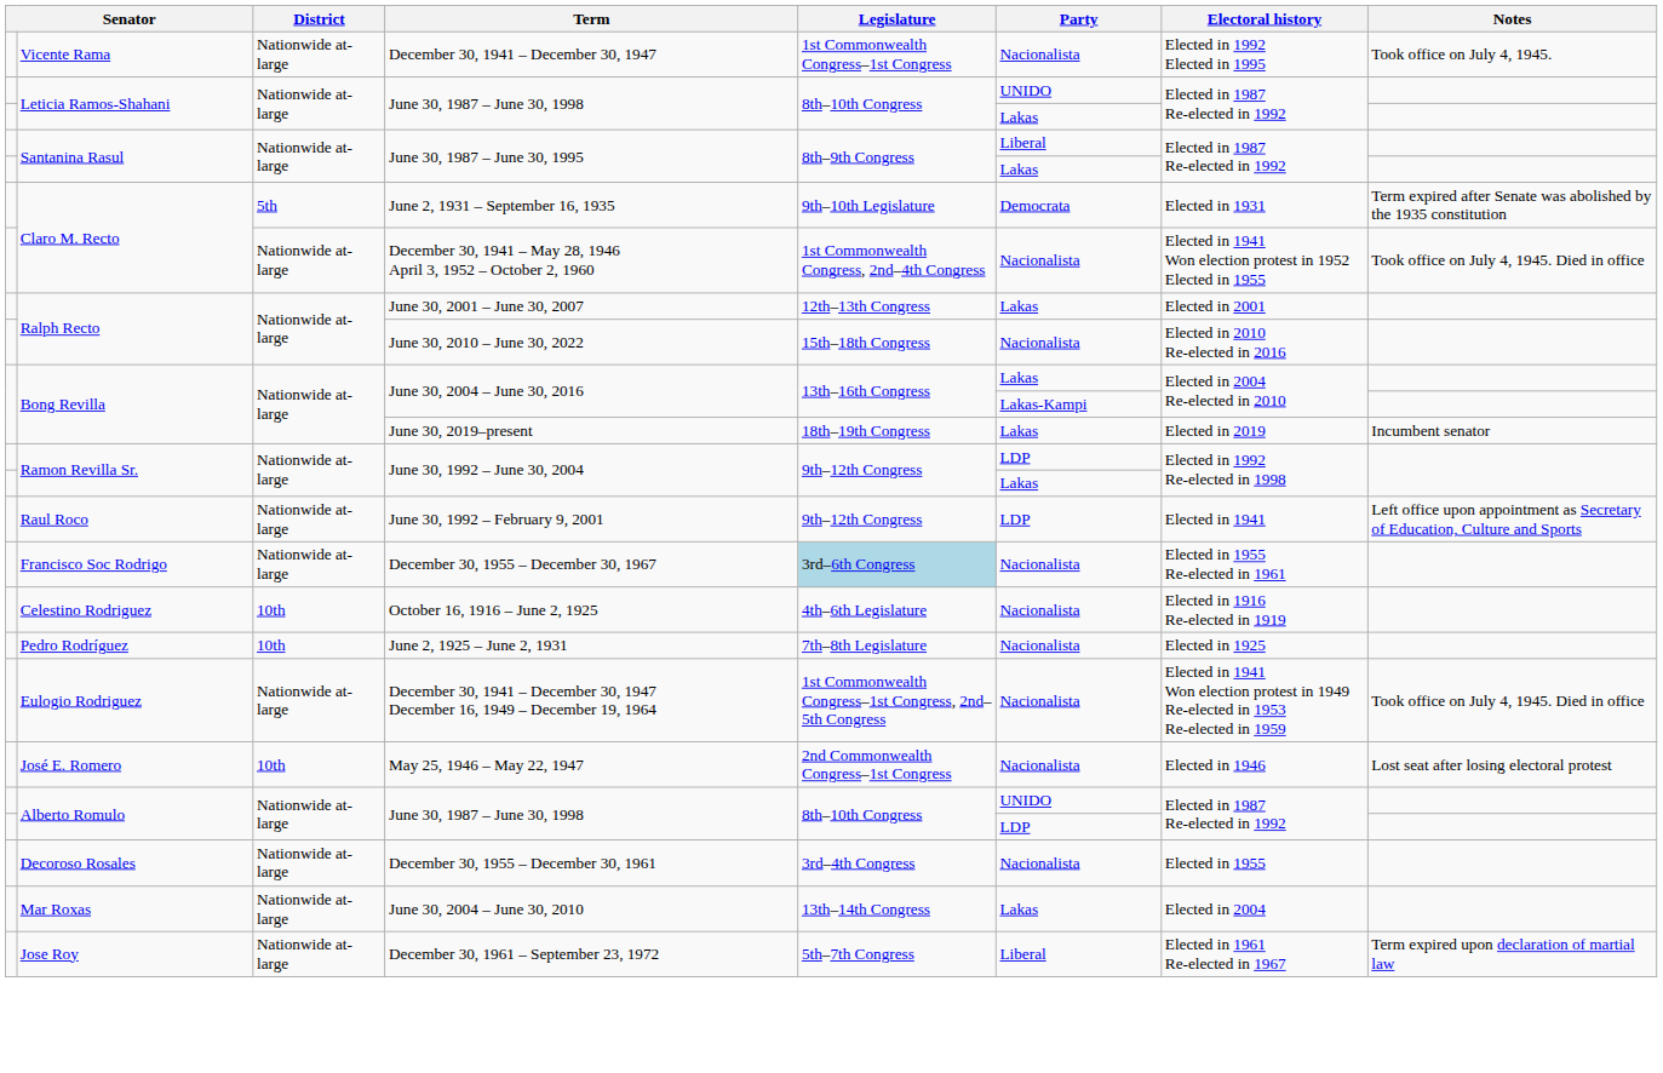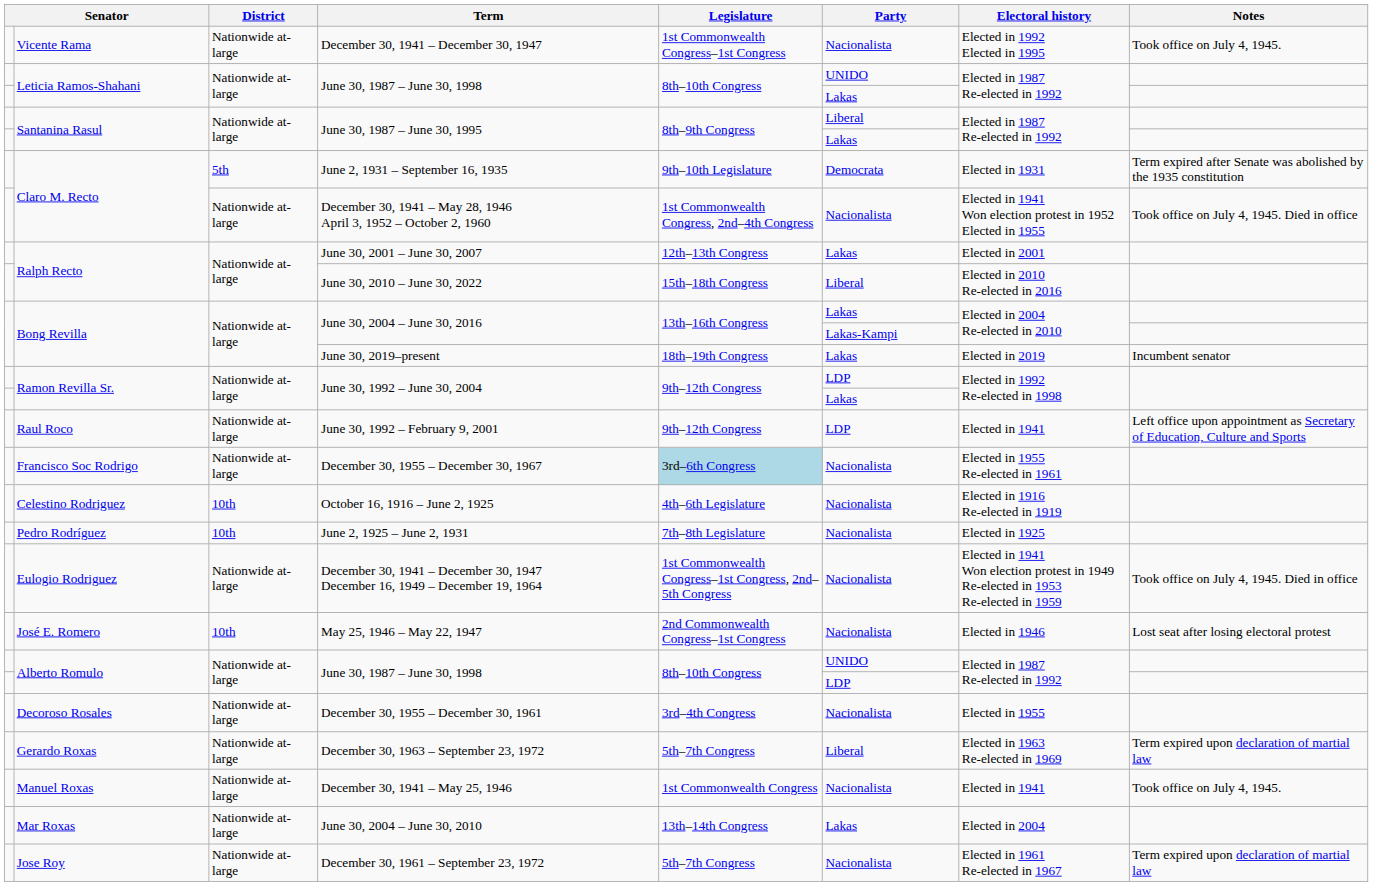 <table class="wikitable" style="font-size:95%" width=99%>
 <tr>
 <th colspan="2" width="15%">Senator</th>
 <th width="8%"><a href='#'>District</a></th>
 <th width="25%">Term</th>
 <th width="12%"><a href='#'>Legislature</a></th>
 <th width="10%"><a href='#'>Party</a></th>
 <th width="12.5%"><a href='#'>Electoral history</a></th>
 <th width="17.5%">Notes</th>
 </tr>
 <tr>
 <td style="background-color:"></td>
 <td><a href='#'>Vicente Rama</a></td>
 <td>Nationwide at-large</td>
 <td>December 30, 1941 – December 30, 1947</td>
 <td><a href='#'>1st Commonwealth Congress</a>–<a href='#'>1st Congress</a></td>
 <td><a href='#'>Nacionalista</a></td>
 <td>Elected in <a href='#'>1992</a><br>Elected in <a href='#'>1995</a></td>
 <td>Took office on July 4, 1945.</td>
 </tr>
 <tr>
 <td style="background-color:"></td>
 <td rowspan="2"><a href='#'>Leticia Ramos-Shahani</a></td>
 <td rowspan="2">Nationwide at-large</td>
 <td rowspan="2">June 30, 1987 – June 30, 1998</td>
 <td rowspan="2"><a href='#'>8th</a>–<a href='#'>10th Congress</a></td>
 <td><a href='#'>UNIDO</a></td>
 <td rowspan="2">Elected in <a href='#'>1987</a><br>Re-elected in <a href='#'>1992</a></td>
 <td></td>
 </tr>
 <tr>
 <td style="background-color:"></td>
 <td><a href='#'>Lakas</a></td>
 <td></td>
 </tr>
 <tr>
 <td style="background-color:"></td>
 <td rowspan="2"><a href='#'>Santanina Rasul</a></td>
 <td rowspan="2">Nationwide at-large</td>
 <td rowspan="2">June 30, 1987 – June 30, 1995</td>
 <td rowspan="2"><a href='#'>8th</a>–<a href='#'>9th Congress</a></td>
 <td><a href='#'>Liberal</a></td>
 <td rowspan="2">Elected in <a href='#'>1987</a><br>Re-elected in <a href='#'>1992</a></td>
 <td></td>
 </tr>
 <tr>
 <td style="background-color:"></td>
 <td><a href='#'>Lakas</a></td>
 <td></td>
 </tr>
 <tr>
 <td style="background-color:"></td>
 <td rowspan="2"><a href='#'>Claro M. Recto</a></td>
 <td><a href='#'>5th</a></td>
 <td>June 2, 1931 – September 16, 1935</td>
 <td><a href='#'>9th</a>–<a href='#'>10th Legislature</a></td>
 <td><a href='#'>Democrata</a></td>
 <td>Elected in <a href='#'>1931</a></td>
 <td>Term expired after Senate was abolished by the 1935 constitution</td>
 </tr>
 <tr>
 <td style="background-color:"></td>
 <td>Nationwide at-large</td>
 <td>December 30, 1941 – May 28, 1946<br>April 3, 1952 – October 2, 1960</td>
 <td><a href='#'>1st Commonwealth Congress</a>, <a href='#'>2nd</a>–<a href='#'>4th Congress</a></td>
 <td><a href='#'>Nacionalista</a></td>
 <td>Elected in <a href='#'>1941</a><br>Won election protest in 1952<br>Elected in <a href='#'>1955</a></td>
 <td>Took office on July 4, 1945. Died in office</td>
 </tr>
 <tr>
 <td style="background-color:"></td>
 <td rowspan="2"><a href='#'>Ralph Recto</a></td>
 <td rowspan="2">Nationwide at-large</td>
 <td>June 30, 2001 – June 30, 2007</td>
 <td><a href='#'>12th</a>–<a href='#'>13th Congress</a></td>
 <td><a href='#'>Lakas</a></td>
 <td>Elected in <a href='#'>2001</a></td>
 <td></td>
 </tr>
 <tr>
 <td style="background-color:"></td>
 <td>June 30, 2010 – June 30, 2022</td>
 <td><a href='#'>15th</a>–<a href='#'>18th Congress</a></td>
-<td><a href='#'>Nacionalista</a></td>
+<td><a href='#'>Liberal</a></td>
 <td>Elected in <a href='#'>2010</a><br>Re-elected in <a href='#'>2016</a></td>
 <td></td>
 </tr>
 <tr>
 <td rowspan="3" style="background-color:"></td>
 <td rowspan="3"><a href='#'>Bong Revilla</a></td>
 <td rowspan="3">Nationwide at-large</td>
 <td rowspan="2">June 30, 2004 – June 30, 2016</td>
 <td rowspan="2"><a href='#'>13th</a>–<a href='#'>16th Congress</a></td>
 <td><a href='#'>Lakas</a></td>
 <td rowspan="2">Elected in <a href='#'>2004</a><br>Re-elected in <a href='#'>2010</a></td>
 <td></td>
 </tr>
 <tr>
 <td><a href='#'>Lakas-Kampi</a></td>
 <td></td>
 </tr>
 <tr>
 <td>June 30, 2019–present</td>
 <td><a href='#'>18th</a>–<a href='#'>19th Congress</a></td>
 <td><a href='#'>Lakas</a></td>
 <td>Elected in <a href='#'>2019</a></td>
 <td>Incumbent senator</td>
 </tr>
 <tr>
 <td style="background-color:"></td>
 <td rowspan="2"><a href='#'>Ramon Revilla Sr.</a></td>
 <td rowspan="2">Nationwide at-large</td>
 <td rowspan="2">June 30, 1992 – June 30, 2004</td>
 <td rowspan="2"><a href='#'>9th</a>–<a href='#'>12th Congress</a></td>
 <td><a href='#'>LDP</a></td>
 <td rowspan="2">Elected in <a href='#'>1992</a><br>Re-elected in <a href='#'>1998</a></td>
 <td rowspan="2"></td>
 </tr>
 <tr>
 <td style="background-color:"></td>
 <td><a href='#'>Lakas</a></td>
 </tr>
 <tr>
 <td style="background-color:"></td>
 <td><a href='#'>Raul Roco</a></td>
 <td>Nationwide at-large</td>
 <td>June 30, 1992 – February 9, 2001</td>
 <td><a href='#'>9th</a>–<a href='#'>12th Congress</a></td>
 <td><a href='#'>LDP</a></td>
 <td>Elected in <a href='#'>1941</a></td>
 <td>Left office upon appointment as <a href='#'>Secretary of Education, Culture and Sports</a></td>
 </tr>
 <tr>
 <td style="background-color:"></td>
 <td><a href='#'>Francisco Soc Rodrigo</a></td>
 <td>Nationwide at-large</td>
 <td>December 30, 1955 – December 30, 1967</td>
 <td style="background: lightblue;">3rd–<a href='#'>6th Congress</a></td>
 <td><a href='#'>Nacionalista</a></td>
 <td>Elected in <a href='#'>1955</a><br>Re-elected in <a href='#'>1961</a></td>
 <td></td>
 </tr>
 <tr>
 <td style="background-color:"></td>
 <td><a href='#'>Celestino Rodriguez</a></td>
 <td><a href='#'>10th</a></td>
 <td>October 16, 1916 – June 2, 1925</td>
 <td><a href='#'>4th</a>–<a href='#'>6th Legislature</a></td>
 <td><a href='#'>Nacionalista</a></td>
 <td>Elected in <a href='#'>1916</a><br>Re-elected in <a href='#'>1919</a></td>
 <td></td>
 </tr>
 <tr>
 <td style="background-color:"></td>
 <td><a href='#'>Pedro Rodríguez</a></td>
 <td><a href='#'>10th</a></td>
 <td>June 2, 1925 – June 2, 1931</td>
 <td><a href='#'>7th</a>–<a href='#'>8th Legislature</a></td>
 <td><a href='#'>Nacionalista</a></td>
 <td>Elected in <a href='#'>1925</a></td>
 <td></td>
 </tr>
 <tr>
 <td style="background-color:"></td>
 <td><a href='#'>Eulogio Rodriguez</a></td>
 <td>Nationwide at-large</td>
 <td>December 30, 1941 – December 30, 1947<br>December 16, 1949 – December 19, 1964</td>
 <td><a href='#'>1st Commonwealth Congress</a>–<a href='#'>1st Congress</a>, <a href='#'>2nd</a>–<a href='#'>5th Congress</a></td>
 <td><a href='#'>Nacionalista</a></td>
 <td>Elected in <a href='#'>1941</a><br>Won election protest in 1949<br>Re-elected in <a href='#'>1953</a><br>Re-elected in <a href='#'>1959</a></td>
 <td>Took office on July 4, 1945. Died in office</td>
 </tr>
 <tr>
 <td style="background-color:"></td>
 <td><a href='#'>José E. Romero</a></td>
 <td><a href='#'>10th</a></td>
 <td>May 25, 1946 – May 22, 1947</td>
 <td><a href='#'>2nd Commonwealth Congress</a>–<a href='#'>1st Congress</a></td>
 <td><a href='#'>Nacionalista</a></td>
 <td>Elected in <a href='#'>1946</a></td>
 <td>Lost seat after losing electoral protest</td>
 </tr>
 <tr>
 <td style="background-color:"></td>
 <td rowspan="2"><a href='#'>Alberto Romulo</a></td>
 <td rowspan="2">Nationwide at-large</td>
 <td rowspan="2">June 30, 1987 – June 30, 1998</td>
 <td rowspan="2"><a href='#'>8th</a>–<a href='#'>10th Congress</a></td>
 <td><a href='#'>UNIDO</a></td>
 <td rowspan="2">Elected in <a href='#'>1987</a><br>Re-elected in <a href='#'>1992</a></td>
 <td></td>
 </tr>
 <tr>
 <td style="background-color:"></td>
 <td><a href='#'>LDP</a></td>
 <td></td>
 </tr>
 <tr>
 <td style="background-color:"></td>
 <td><a href='#'>Decoroso Rosales</a></td>
 <td>Nationwide at-large</td>
 <td>December 30, 1955 – December 30, 1961</td>
 <td><a href='#'>3rd</a>–<a href='#'>4th Congress</a></td>
 <td><a href='#'>Nacionalista</a></td>
 <td>Elected in <a href='#'>1955</a></td>
 <td></td>
 </tr>
 <tr>
 <td style="background-color:"></td>
+<td><a href='#'>Gerardo Roxas</a></td>
+<td>Nationwide at-large</td>
+<td>December 30, 1963 – September 23, 1972</td>
+<td><a href='#'>5th</a>–<a href='#'>7th Congress</a></td>
+<td><a href='#'>Liberal</a></td>
+<td>Elected in <a href='#'>1963</a><br>Re-elected in <a href='#'>1969</a></td>
+<td>Term expired upon <a href='#'>declaration of martial law</a></td>
+</tr>
+<tr>
+<td style="background-color:"></td>
+<td><a href='#'>Manuel Roxas</a></td>
+<td>Nationwide at-large</td>
+<td>December 30, 1941 – May 25, 1946</td>
+<td><a href='#'>1st Commonwealth Congress</a></td>
+<td><a href='#'>Nacionalista</a></td>
+<td>Elected in <a href='#'>1941</a></td>
+<td>Took office on July 4, 1945.</td>
+</tr>
+<tr>
+<td style="background-color:"></td>
 <td><a href='#'>Mar Roxas</a></td>
 <td>Nationwide at-large</td>
 <td>June 30, 2004 – June 30, 2010</td>
 <td><a href='#'>13th</a>–<a href='#'>14th Congress</a></td>
 <td><a href='#'>Lakas</a></td>
 <td>Elected in <a href='#'>2004</a></td>
 <td></td>
 </tr>
 <tr>
 <td style="background-color:"></td>
 <td><a href='#'>Jose Roy</a></td>
 <td>Nationwide at-large</td>
 <td>December 30, 1961 – September 23, 1972</td>
 <td><a href='#'>5th</a>–<a href='#'>7th Congress</a></td>
-<td><a href='#'>Liberal</a></td>
+<td><a href='#'>Nacionalista</a></td>
 <td>Elected in <a href='#'>1961</a><br>Re-elected in <a href='#'>1967</a></td>
 <td>Term expired upon <a href='#'>declaration of martial law</a></td>
 </tr>
 </table>
